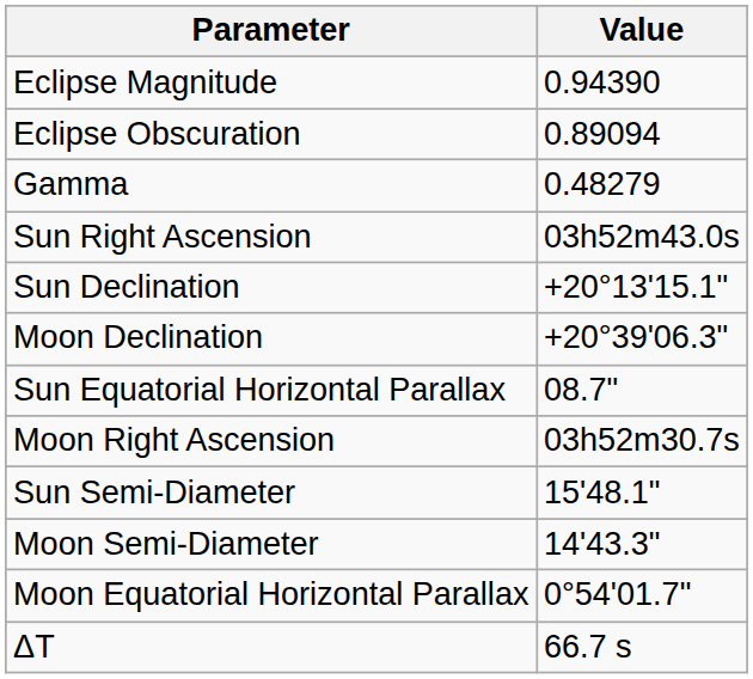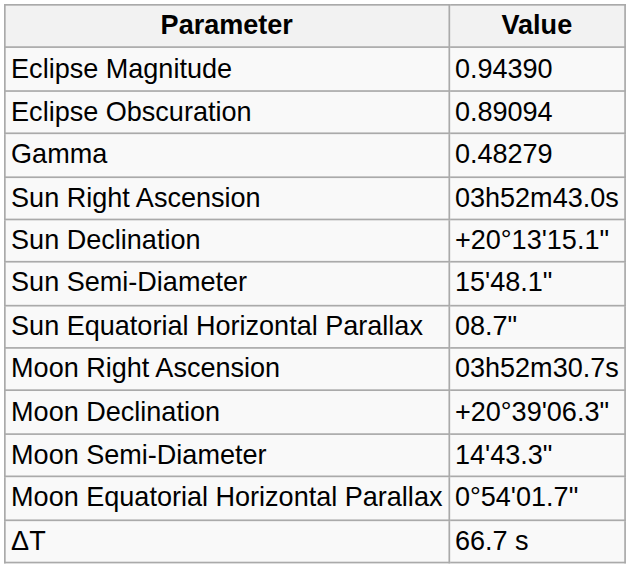 <table class="wikitable">
 <tr>
 <th>Parameter</th>
 <th>Value</th>
 </tr>
 <tr>
 <td>Eclipse Magnitude</td>
 <td>0.94390</td>
 </tr>
 <tr>
 <td>Eclipse Obscuration</td>
 <td>0.89094</td>
 </tr>
 <tr>
 <td>Gamma</td>
 <td>0.48279</td>
 </tr>
 <tr>
 <td>Sun Right Ascension</td>
 <td>03h52m43.0s</td>
 </tr>
 <tr>
 <td>Sun Declination</td>
 <td>+20°13'15.1"</td>
 </tr>
 <tr>
-<td>Moon Declination</td>
-<td>+20°39'06.3"</td>
+<td>Sun Semi-Diameter</td>
+<td>15'48.1"</td>
 </tr>
 <tr>
 <td>Sun Equatorial Horizontal Parallax</td>
 <td>08.7"</td>
 </tr>
 <tr>
 <td>Moon Right Ascension</td>
 <td>03h52m30.7s</td>
 </tr>
 <tr>
-<td>Sun Semi-Diameter</td>
-<td>15'48.1"</td>
+<td>Moon Declination</td>
+<td>+20°39'06.3"</td>
 </tr>
 <tr>
 <td>Moon Semi-Diameter</td>
 <td>14'43.3"</td>
 </tr>
 <tr>
 <td>Moon Equatorial Horizontal Parallax</td>
 <td>0°54'01.7"</td>
 </tr>
 <tr>
 <td>ΔT</td>
 <td>66.7 s</td>
 </tr>
 </table>
